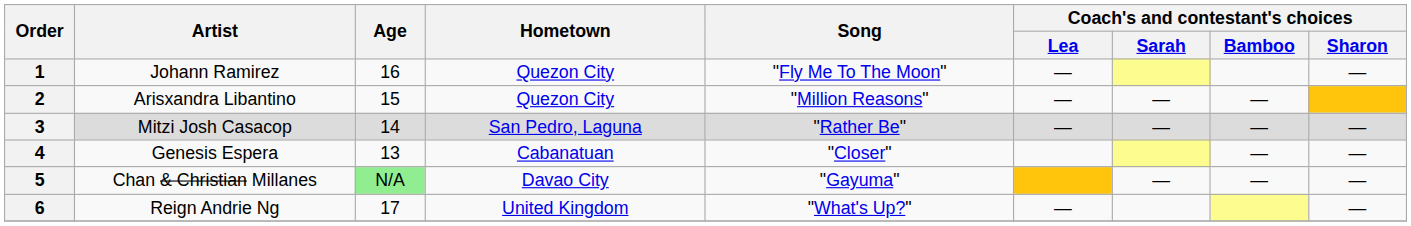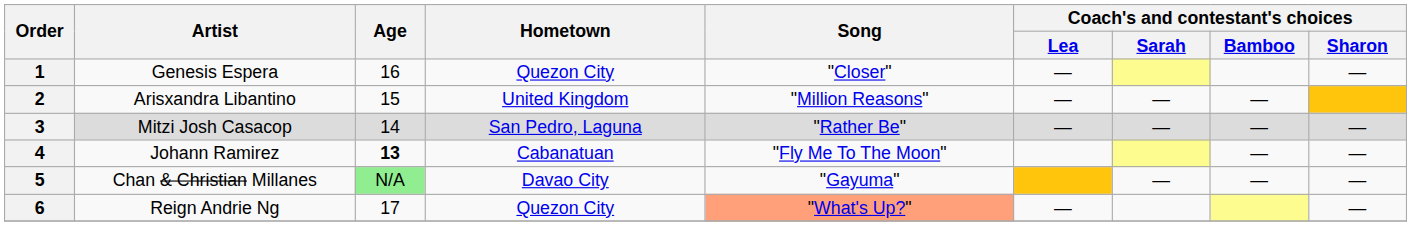 <table class="wikitable" style="text-align:center; line-height:17px;width:100%;">
 <tr>
 <th scope="col" rowspan="2" width="05%">Order</th>
 <th scope="col" rowspan="2" width="20%">Artist</th>
 <th scope="col" rowspan="2" width="05%">Age</th>
 <th scope="col" rowspan="2" width="20%">Hometown</th>
 <th scope="col" rowspan="2" width="22%">Song</th>
 <th scope="col" colspan="4" width="28%">Coach's and contestant's choices</th>
 </tr>
 <tr>
 <th width="07%"><a href='#'>Lea</a></th>
 <th width="07%"><a href='#'>Sarah</a></th>
 <th width="07%"><a href='#'>Bamboo</a></th>
 <th width="07%"><a href='#'>Sharon</a></th>
 </tr>
 <tr>
 <th>1</th>
-<td>Johann Ramirez</td>
+<td>Genesis Espera</td>
 <td>16</td>
 <td><a href='#'>Quezon City</a></td>
-<td>"<a href='#'>Fly Me To The Moon</a>"</td>
+<td>"<a href='#'>Closer</a>"</td>
 <td>—</td>
 <td style="background:#fdfc8f;"><strong></strong></td>
 <td><strong></strong></td>
 <td>—</td>
 </tr>
 <tr>
 <th>2</th>
 <td>Arisxandra Libantino</td>
 <td>15</td>
-<td><a href='#'>Quezon City</a></td>
+<td><a href='#'>United Kingdom</a></td>
 <td>"<a href='#'>Million Reasons</a>"</td>
 <td>—</td>
 <td>—</td>
 <td>—</td>
 <td style="background:#FFC40C;"><strong></strong></td>
 </tr>
 <tr>
 <th>3</th>
 <td style="background:#DCDCDC;">Mitzi Josh Casacop</td>
 <td style="background:#DCDCDC;">14</td>
 <td style="background:#DCDCDC;"><a href='#'>San Pedro, Laguna</a></td>
 <td style="background:#DCDCDC;">"<a href='#'>Rather Be</a>"</td>
 <td style="background:#DCDCDC;">—</td>
 <td style="background:#DCDCDC;">—</td>
 <td style="background:#DCDCDC;">—</td>
 <td style="background:#DCDCDC;">—</td>
 </tr>
 <tr>
 <th>4</th>
-<td>Genesis Espera</td>
-<td>13</td>
+<td>Johann Ramirez</td>
+<td><strong>13</strong></td>
 <td><a href='#'>Cabanatuan</a></td>
-<td>"<a href='#'>Closer</a>"</td>
+<td>"<a href='#'>Fly Me To The Moon</a>"</td>
 <td><strong></strong></td>
 <td style="background:#fdfc8f;"><strong></strong></td>
 <td>—</td>
 <td>—</td>
 </tr>
 <tr>
 <th>5</th>
 <td>Chan <s>& Christian</s> Millanes</td>
 <td style="background: lightgreen;">N/A</td>
 <td><a href='#'>Davao City</a></td>
 <td>"<a href='#'>Gayuma</a>"</td>
 <td style="background:#FFC40C;"><strong></strong></td>
 <td>—</td>
 <td>—</td>
 <td>—</td>
 </tr>
 <tr>
 <th>6</th>
 <td>Reign Andrie Ng</td>
 <td>17</td>
-<td><a href='#'>United Kingdom</a></td>
-<td>"<a href='#'>What's Up?</a>"</td>
+<td><a href='#'>Quezon City</a></td>
+<td style="background: lightsalmon;">"<a href='#'>What's Up?</a>"</td>
 <td>—</td>
 <td><strong></strong></td>
 <td style="background:#fdfc8f;"><strong></strong></td>
 <td>—</td>
 </tr>
 <tr>
 </tr>
 </table>
